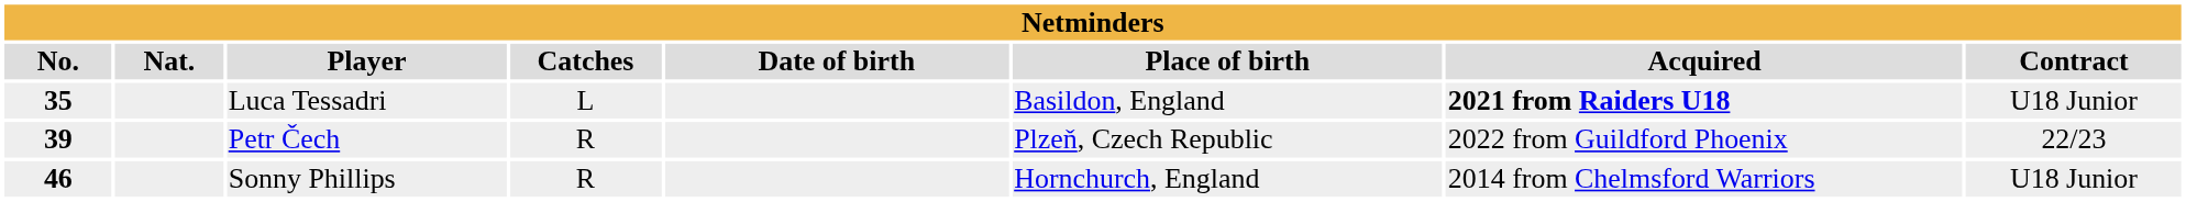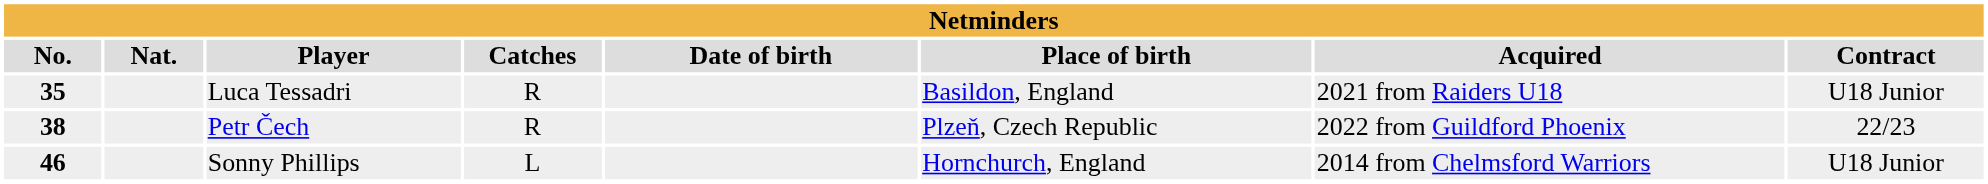 <table class="toccolours"  style="width:97%; clear:both; margin:1.5em auto; text-align:center;">
 <tr>
 <th colspan="10" style="background:#efb645; color:black;”">Netminders</th>
 </tr>
 <tr style="background:#ddd;">
 <th width=5%>No.</th>
 <th width=5%>Nat.</th>
 <th !width=22%>Player</th>
 <th width=7%>Catches</th>
 <th width=16%>Date of birth</th>
 <th width=20%>Place of birth</th>
 <th width=24%>Acquired</th>
 <td><strong>Contract</strong></td>
 </tr>
 <tr style="background:#eee;">
 <td><strong>35</strong></td>
 <td></td>
 <td align=left>Luca Tessadri</td>
-<td>L</td>
+<td>R</td>
 <td align=left></td>
 <td align=left><a href='#'>Basildon</a>, England</td>
-<td align=left><strong>2021 from <a href='#'>Raiders U18</a></strong></td>
+<td align=left>2021 from <a href='#'>Raiders U18</a></td>
 <td>U18 Junior</td>
 </tr>
 <tr style="background:#eee;">
-<td><strong>39</strong></td>
+<td><strong>38</strong></td>
 <td></td>
 <td align=left><a href='#'>Petr Čech</a></td>
 <td>R</td>
 <td align=left></td>
 <td align=left><a href='#'>Plzeň</a>, Czech Republic</td>
 <td align=left>2022 from <a href='#'>Guildford Phoenix</a></td>
 <td>22/23</td>
 </tr>
 <tr style="background:#eee;">
 <td><strong>46</strong></td>
 <td></td>
 <td align=left>Sonny Phillips</td>
-<td>R</td>
+<td>L</td>
 <td align=left></td>
 <td align=left><a href='#'>Hornchurch</a>, England</td>
 <td align=left>2014 from <a href='#'>Chelmsford Warriors</a></td>
 <td>U18 Junior</td>
 </tr>
 </table>
